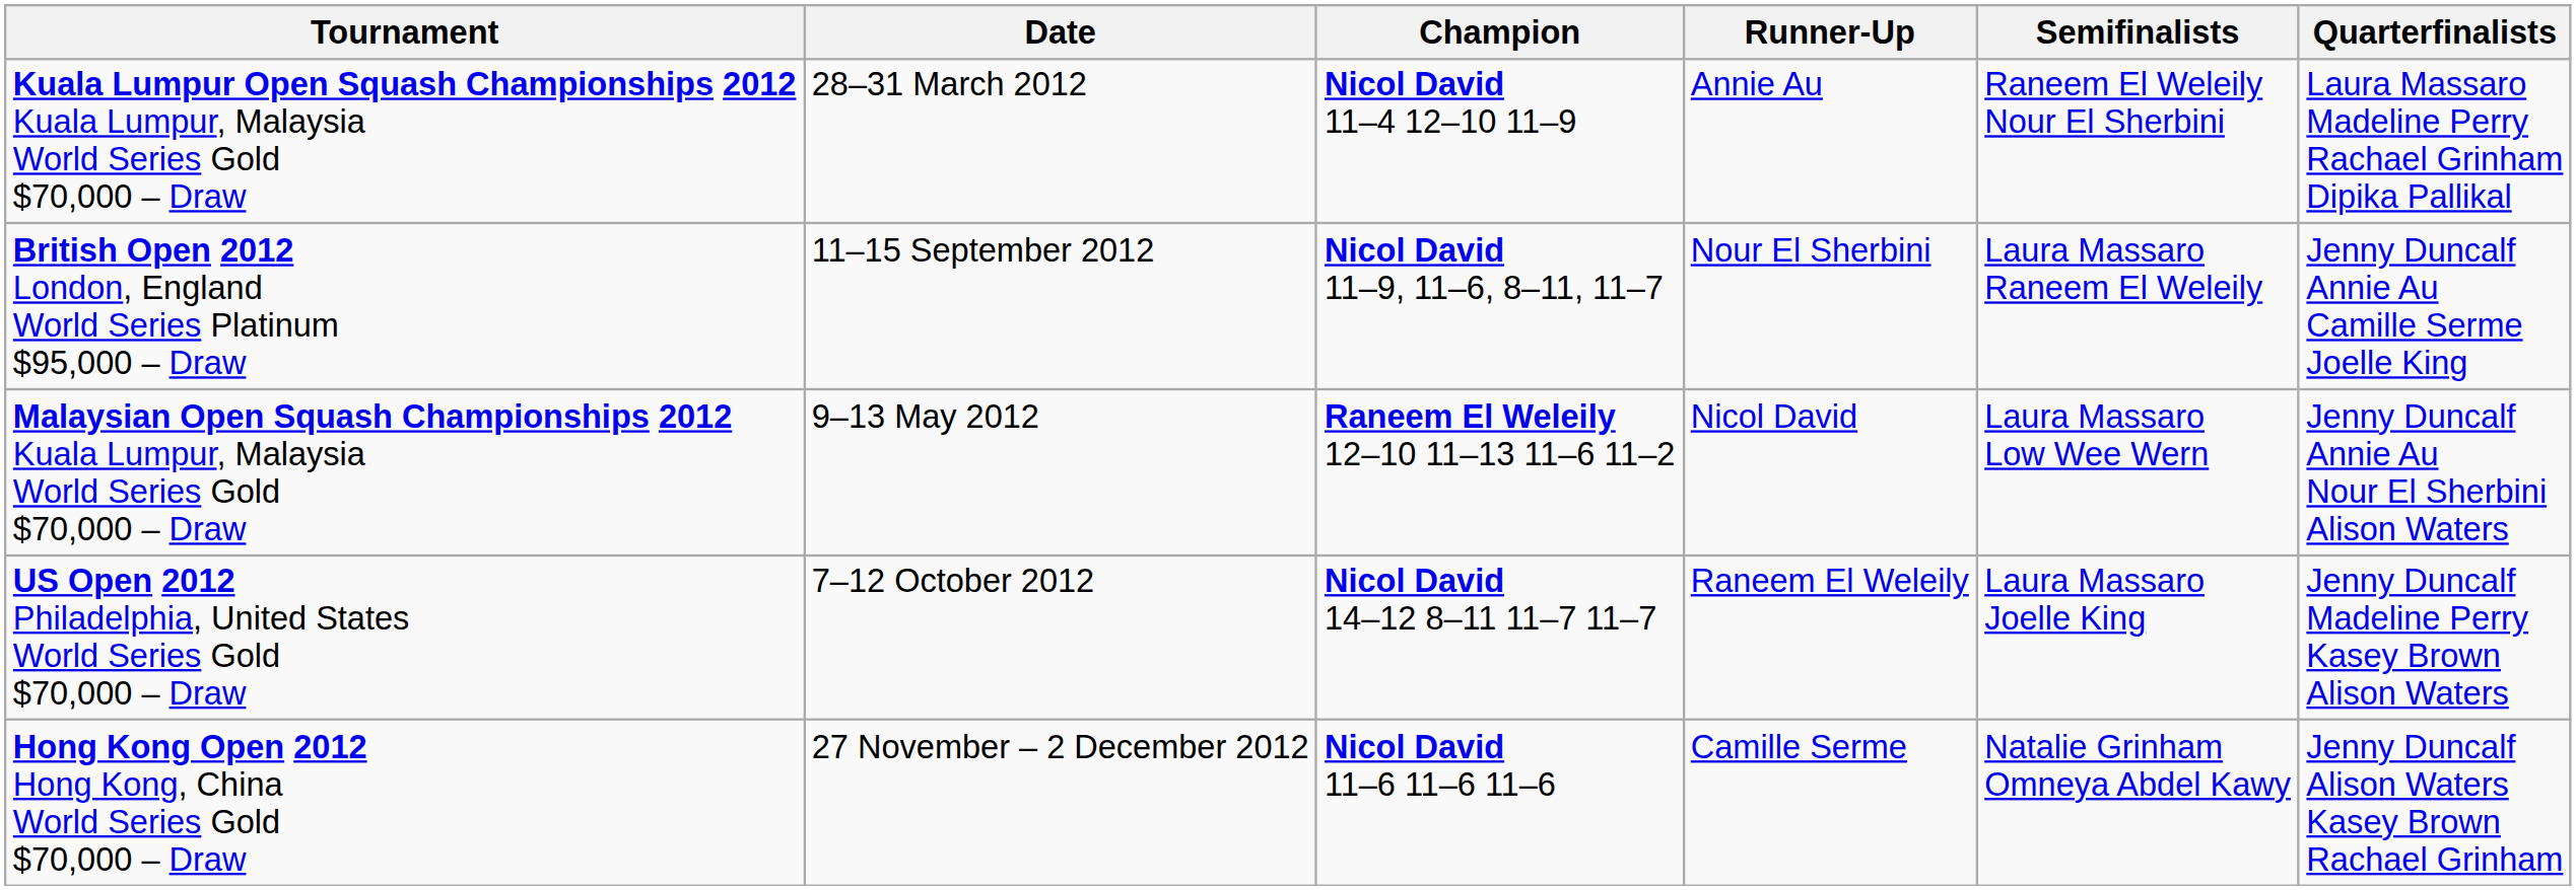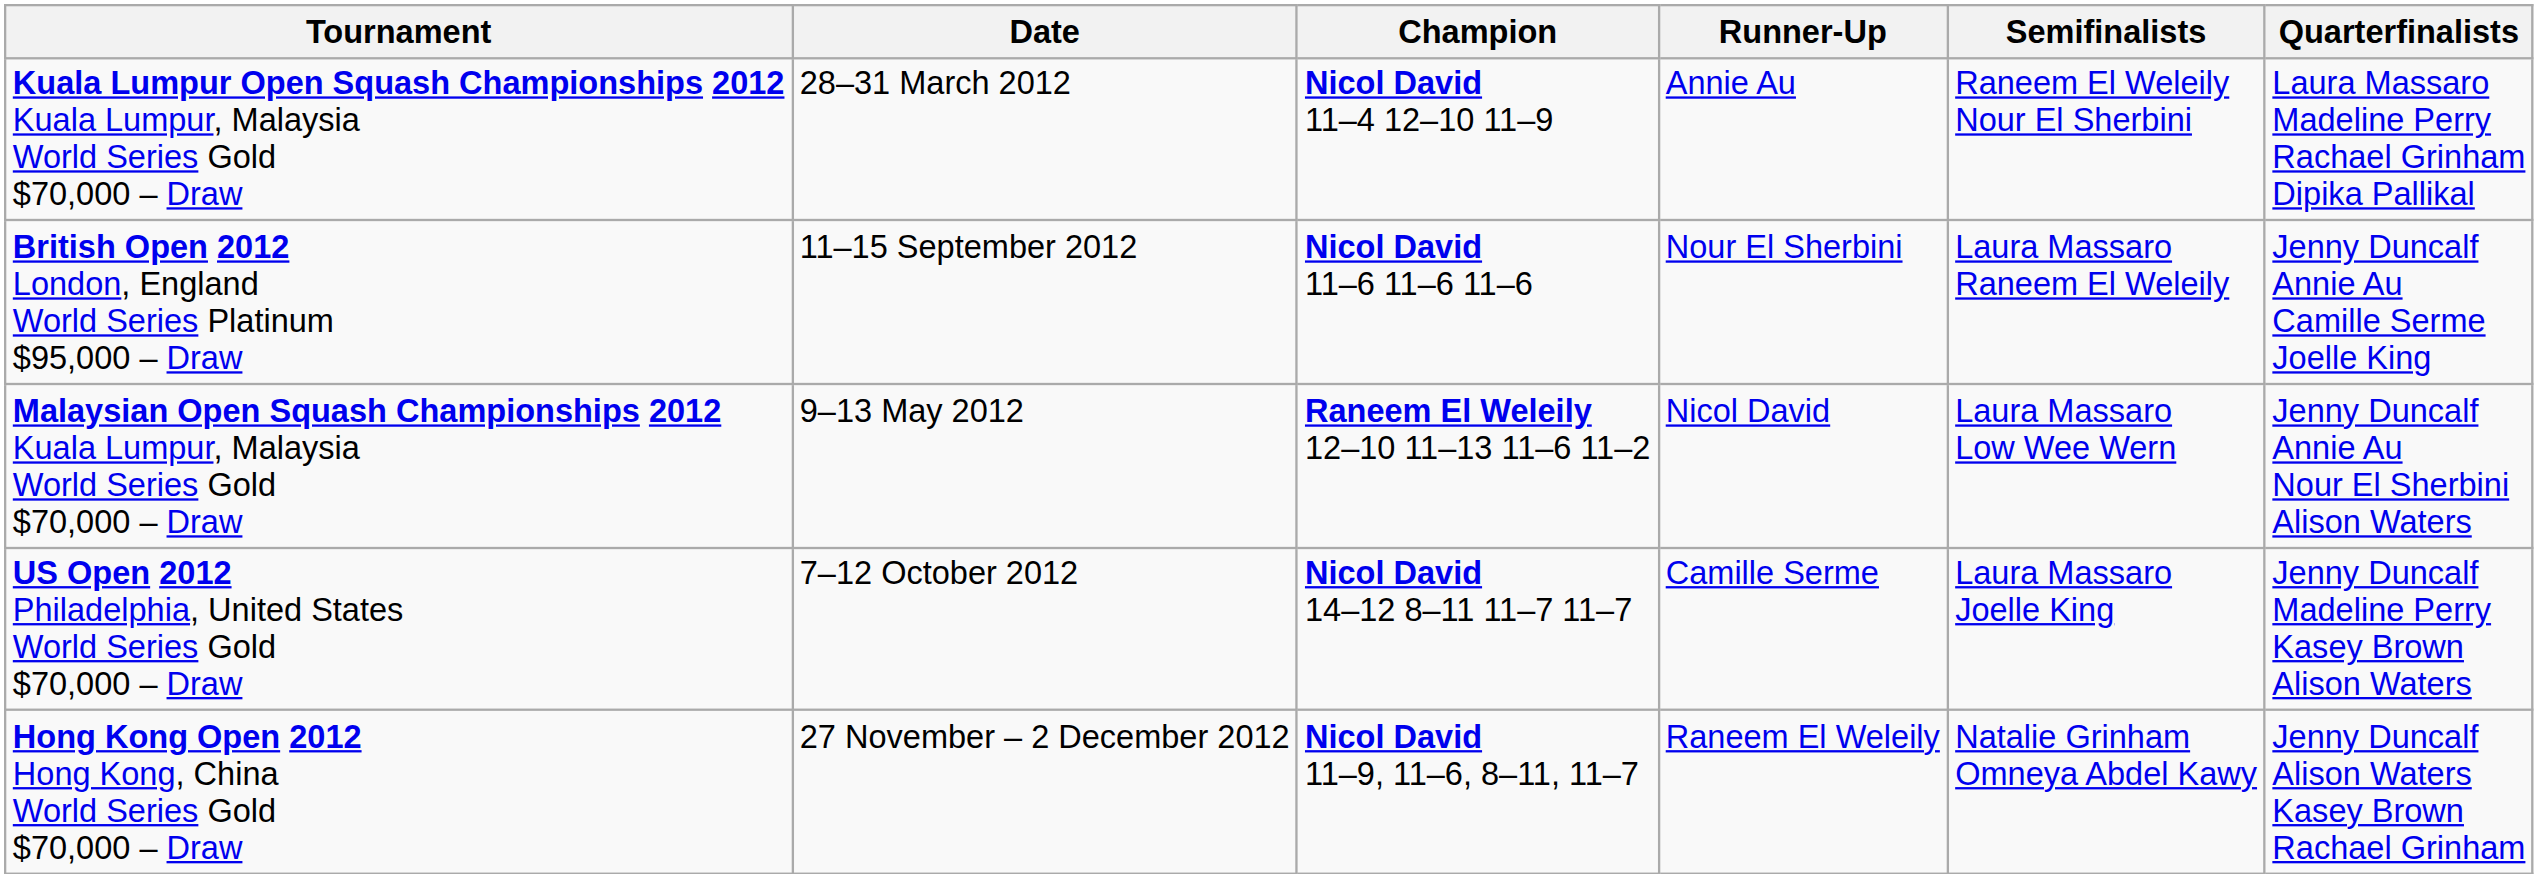 <table class="wikitable" style="font-size:88%">
 <tr>
 <th>Tournament</th>
 <th>Date</th>
 <th>Champion</th>
 <th>Runner-Up</th>
 <th>Semifinalists</th>
 <th>Quarterfinalists</th>
 </tr>
 <tr valign=top>
 <td><strong><a href='#'>Kuala Lumpur Open Squash Championships</a> <a href='#'>2012</a></strong><br> <a href='#'>Kuala Lumpur</a>, Malaysia<br><a href='#'>World Series</a> Gold<br>$70,000 – <a href='#'>Draw</a></td>
 <td>28–31 March 2012</td>
 <td> <strong><a href='#'>Nicol David</a></strong><br>11–4 12–10 11–9</td>
 <td> <a href='#'>Annie Au</a></td>
 <td> <a href='#'>Raneem El Weleily</a><br> <a href='#'>Nour El Sherbini</a></td>
 <td> <a href='#'>Laura Massaro</a><br> <a href='#'>Madeline Perry</a><br> <a href='#'>Rachael Grinham</a><br> <a href='#'>Dipika Pallikal</a></td>
 </tr>
 <tr valign=top>
 <td><strong><a href='#'>British Open</a> <a href='#'>2012</a></strong><br> <a href='#'>London</a>, England<br><a href='#'>World Series</a> Platinum<br>$95,000 – <a href='#'>Draw</a></td>
 <td>11–15 September 2012</td>
-<td> <strong><a href='#'>Nicol David</a></strong><br>11–9, 11–6, 8–11, 11–7</td>
+<td> <strong><a href='#'>Nicol David</a></strong><br>11–6 11–6 11–6</td>
 <td> <a href='#'>Nour El Sherbini</a></td>
 <td> <a href='#'>Laura Massaro</a><br> <a href='#'>Raneem El Weleily</a></td>
 <td> <a href='#'>Jenny Duncalf</a><br> <a href='#'>Annie Au</a><br> <a href='#'>Camille Serme</a><br> <a href='#'>Joelle King</a></td>
 </tr>
 <tr valign=top>
 <td><strong><a href='#'>Malaysian Open Squash Championships</a> <a href='#'>2012</a></strong><br> <a href='#'>Kuala Lumpur</a>, Malaysia<br><a href='#'>World Series</a> Gold<br>$70,000 – <a href='#'>Draw</a></td>
 <td>9–13 May 2012</td>
 <td> <strong><a href='#'>Raneem El Weleily</a></strong><br>12–10 11–13 11–6 11–2</td>
 <td> <a href='#'>Nicol David</a></td>
 <td> <a href='#'>Laura Massaro</a><br> <a href='#'>Low Wee Wern</a></td>
 <td> <a href='#'>Jenny Duncalf</a><br> <a href='#'>Annie Au</a><br> <a href='#'>Nour El Sherbini</a><br> <a href='#'>Alison Waters</a></td>
 </tr>
 <tr valign=top>
 <td><strong><a href='#'>US Open</a> <a href='#'>2012</a></strong><br> <a href='#'>Philadelphia</a>, United States<br><a href='#'>World Series</a> Gold<br>$70,000 – <a href='#'>Draw</a></td>
 <td>7–12 October 2012</td>
 <td> <strong><a href='#'>Nicol David</a></strong><br>14–12 8–11 11–7 11–7</td>
-<td> <a href='#'>Raneem El Weleily</a></td>
+<td> <a href='#'>Camille Serme</a></td>
 <td> <a href='#'>Laura Massaro</a><br> <a href='#'>Joelle King</a></td>
 <td> <a href='#'>Jenny Duncalf</a><br> <a href='#'>Madeline Perry</a><br> <a href='#'>Kasey Brown</a><br> <a href='#'>Alison Waters</a></td>
 </tr>
 <tr valign=top>
 <td><strong><a href='#'>Hong Kong Open</a> <a href='#'>2012</a></strong><br> <a href='#'>Hong Kong</a>, China<br><a href='#'>World Series</a> Gold<br>$70,000 – <a href='#'>Draw</a></td>
 <td>27 November – 2 December 2012</td>
-<td> <strong><a href='#'>Nicol David</a></strong><br>11–6 11–6 11–6</td>
-<td> <a href='#'>Camille Serme</a></td>
+<td> <strong><a href='#'>Nicol David</a></strong><br>11–9, 11–6, 8–11, 11–7</td>
+<td> <a href='#'>Raneem El Weleily</a></td>
 <td> <a href='#'>Natalie Grinham</a><br> <a href='#'>Omneya Abdel Kawy</a></td>
 <td> <a href='#'>Jenny Duncalf</a><br> <a href='#'>Alison Waters</a><br> <a href='#'>Kasey Brown</a><br> <a href='#'>Rachael Grinham</a></td>
 </tr>
 </table>
